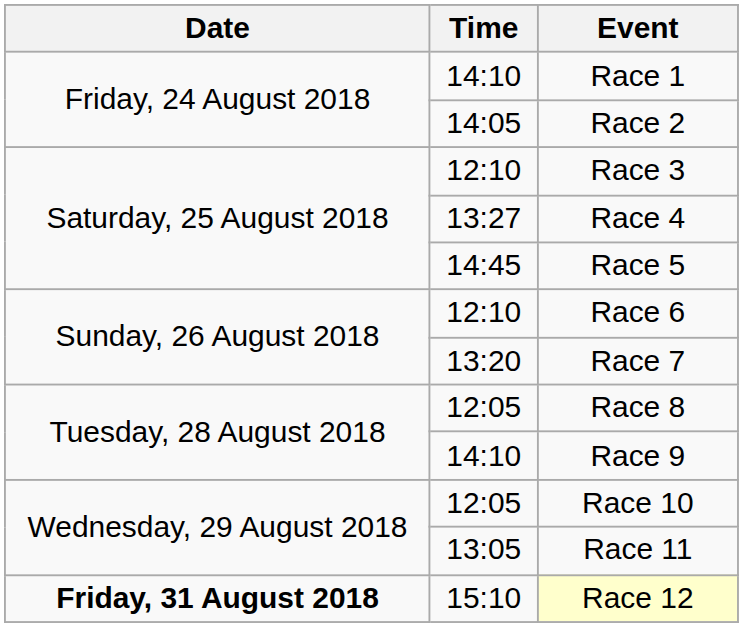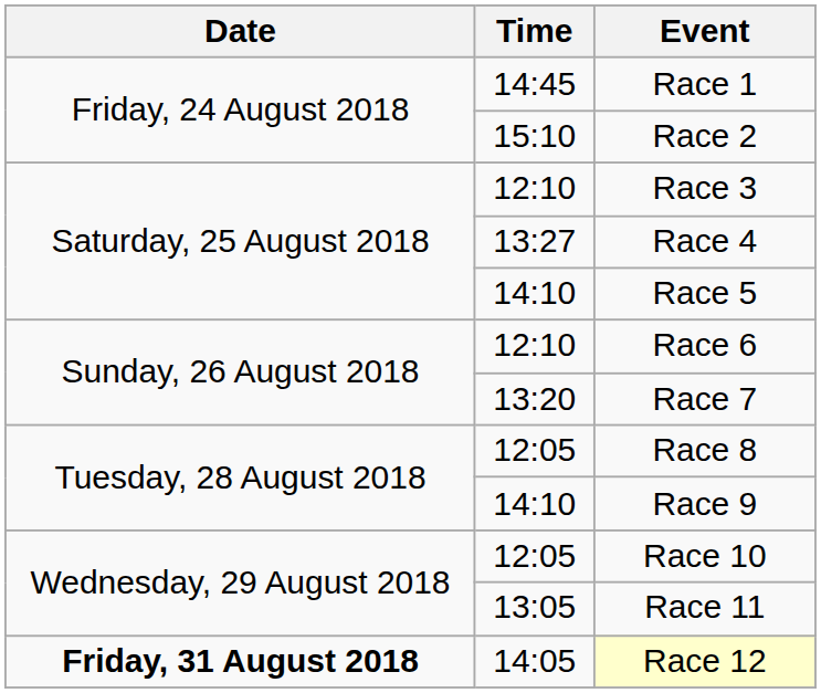 <table class = "wikitable" style="text-align:center;">
 <tr>
 <th width=220>Date</th>
 <th width=50>Time</th>
 <th width=100>Event</th>
 </tr>
 <tr>
 <td rowspan=2>Friday, 24 August 2018</td>
-<td>14:10</td>
+<td>14:45</td>
 <td>Race 1</td>
 </tr>
 <tr>
-<td>14:05</td>
+<td>15:10</td>
 <td>Race 2</td>
 </tr>
 <tr>
 <td rowspan=3>Saturday, 25 August 2018</td>
 <td>12:10</td>
 <td>Race 3</td>
 </tr>
 <tr>
 <td>13:27</td>
 <td>Race 4</td>
 </tr>
 <tr>
-<td>14:45</td>
+<td>14:10</td>
 <td>Race 5</td>
 </tr>
 <tr>
 <td rowspan=2>Sunday, 26 August 2018</td>
 <td>12:10</td>
 <td>Race 6</td>
 </tr>
 <tr>
 <td>13:20</td>
 <td>Race 7</td>
 </tr>
 <tr>
 <td rowspan=2>Tuesday, 28 August 2018</td>
 <td>12:05</td>
 <td>Race 8</td>
 </tr>
 <tr>
 <td>14:10</td>
 <td>Race 9</td>
 </tr>
 <tr>
 <td rowspan=2>Wednesday, 29 August 2018</td>
 <td>12:05</td>
 <td>Race 10</td>
 </tr>
 <tr>
 <td>13:05</td>
 <td>Race 11</td>
 </tr>
 <tr>
 <td><strong>Friday, 31 August 2018</strong></td>
-<td>15:10</td>
+<td>14:05</td>
 <td bgcolor=ffffcc>Race 12</td>
 </tr>
 </table>
